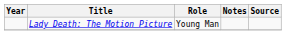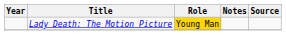 <table class="wikitable sortable plainrowheaders">
 <tr>
 <th>Year</th>
 <th>Title</th>
 <th>Role</th>
 <th class="unsortable">Notes</th>
 <th class="unsortable">Source</th>
 </tr>
 <tr>
 <td></td>
 <td><em><a href='#'>Lady Death: The Motion Picture</a></em></td>
-<td>Young Man</td>
+<td style="background: gold;">Young Man</td>
 <td></td>
 <td></td>
 </tr>
 <tr>
 </tr>
 </table>
